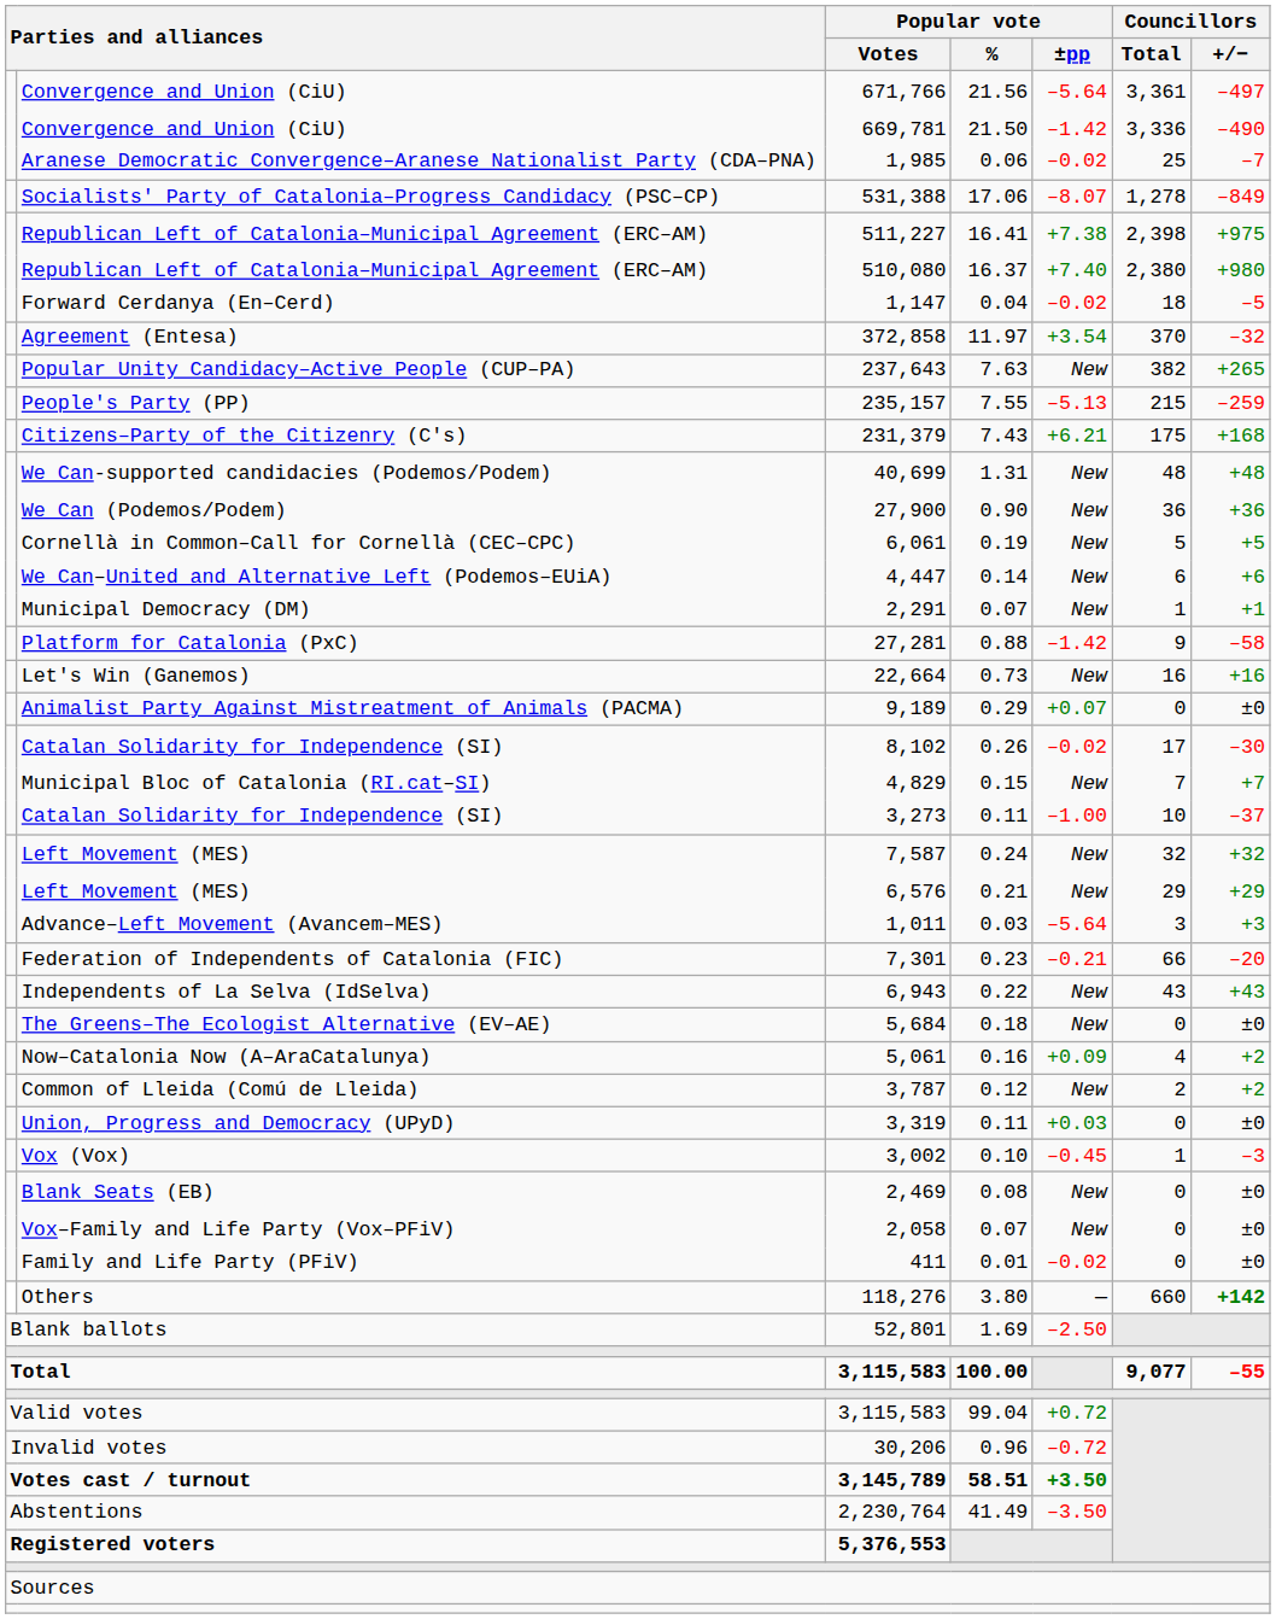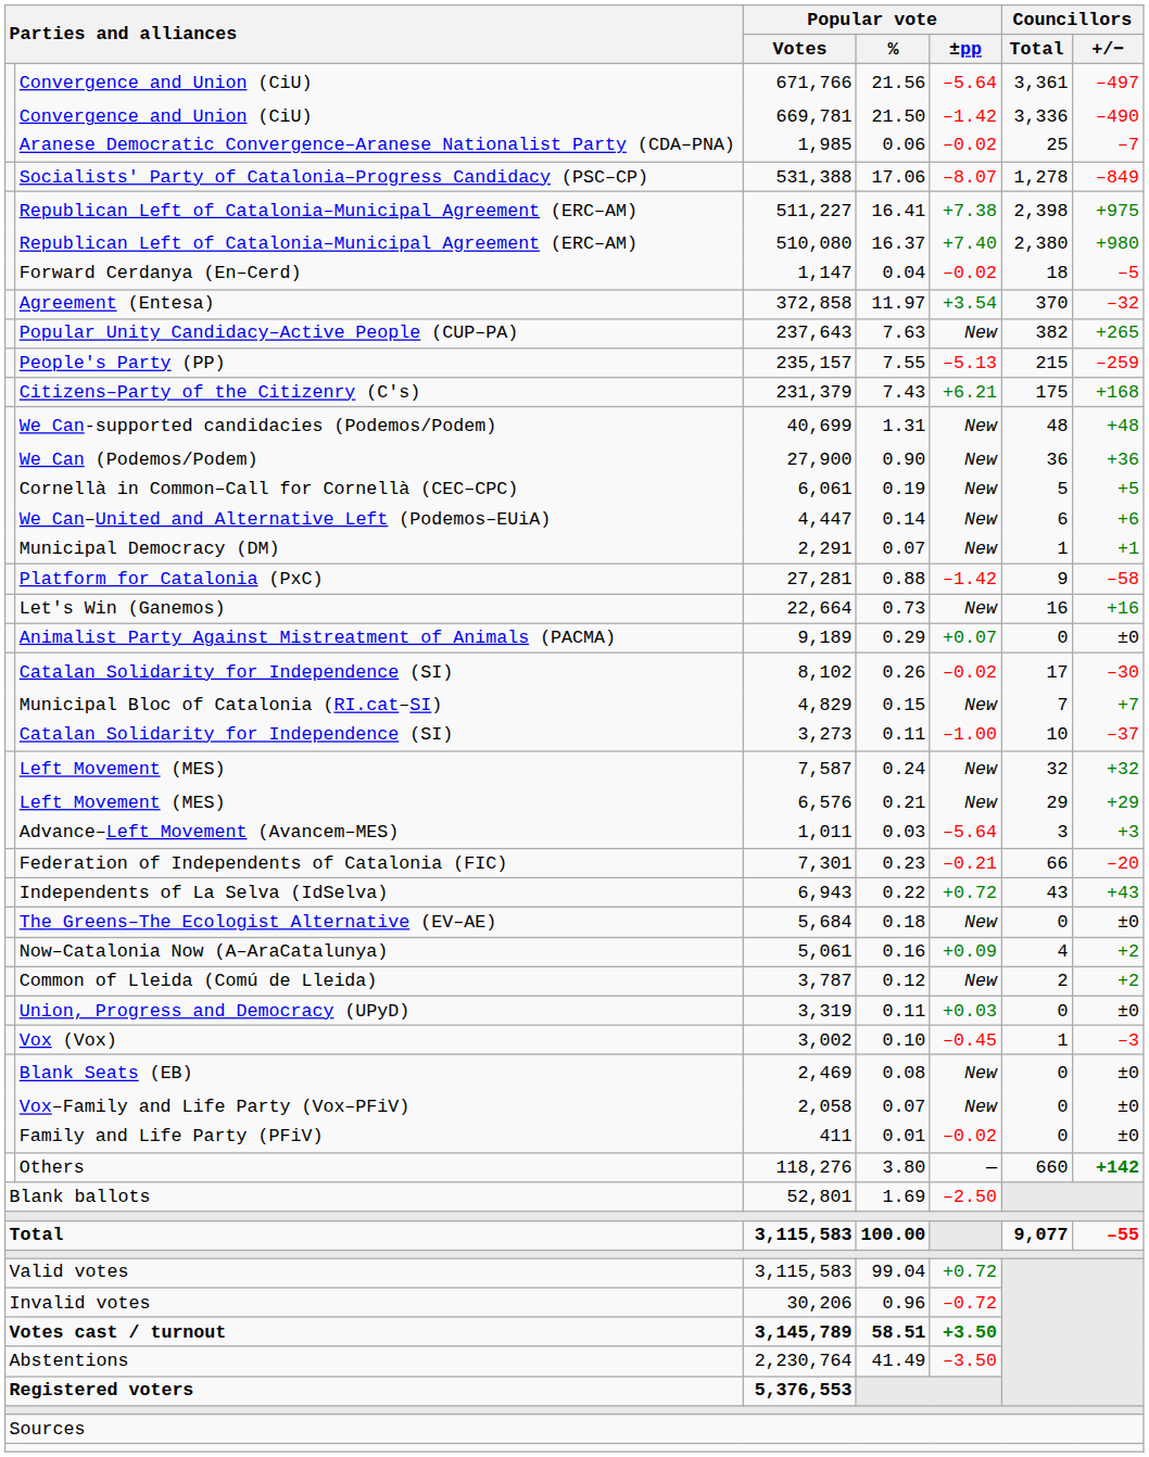 <table class="wikitable" style="text-align:right;">
 <tr>
 <th style="text-align:left;" rowspan="2" colspan="2" width="525">Parties and alliances</th>
 <th colspan="3">Popular vote</th>
 <th colspan="2">Councillors</th>
 </tr>
 <tr>
 <th width="75">Votes</th>
 <th width="45">%</th>
 <th width="45">±<a href='#'>pp</a></th>
 <th width="45">Total</th>
 <th width="45">+/−</th>
 </tr>
 <tr style="line-height:22px;">
 <td width="1" rowspan="3"></td>
 <td align="left"><a href='#'>Convergence and Union</a> (CiU)</td>
 <td>671,766</td>
 <td>21.56</td>
 <td style="color:red;">–5.64</td>
 <td>3,361</td>
 <td style="color:red;">–497</td>
 </tr>
 <tr style="border-bottom-style:hidden; border-top-style:hidden; line-height:16px;">
 <td align="left"><span><a href='#'>Convergence and Union</a> (CiU)</span></td>
 <td>669,781</td>
 <td>21.50</td>
 <td style="color:red;">–1.42</td>
 <td>3,336</td>
 <td style="color:red;">–490</td>
 </tr>
 <tr style="line-height:16px;">
 <td align="left"><span><a href='#'>Aranese Democratic Convergence–Aranese Nationalist Party</a> (CDA–PNA)</span></td>
 <td>1,985</td>
 <td>0.06</td>
 <td style="color:red;">–0.02</td>
 <td>25</td>
 <td style="color:red;">–7</td>
 </tr>
 <tr>
 <td style="color:inherit;background:"></td>
 <td align="left"><a href='#'>Socialists' Party of Catalonia–Progress Candidacy</a> (PSC–CP)</td>
 <td>531,388</td>
 <td>17.06</td>
 <td style="color:red;">–8.07</td>
 <td>1,278</td>
 <td style="color:red;">–849</td>
 </tr>
 <tr style="line-height:22px;">
 <td rowspan="3" style="color:inherit;background:"></td>
 <td align="left"><a href='#'>Republican Left of Catalonia–Municipal Agreement</a> (ERC–AM)</td>
 <td>511,227</td>
 <td>16.41</td>
 <td style="color:green;">+7.38</td>
 <td>2,398</td>
 <td style="color:green;">+975</td>
 </tr>
 <tr style="border-bottom-style:hidden; border-top-style:hidden; line-height:16px;">
 <td align="left"><span><a href='#'>Republican Left of Catalonia–Municipal Agreement</a> (ERC–AM)</span></td>
 <td>510,080</td>
 <td>16.37</td>
 <td style="color:green;">+7.40</td>
 <td>2,380</td>
 <td style="color:green;">+980</td>
 </tr>
 <tr style="line-height:16px;">
 <td align="left"><span>Forward Cerdanya (En–Cerd)</span></td>
 <td>1,147</td>
 <td>0.04</td>
 <td style="color:red;">–0.02</td>
 <td>18</td>
 <td style="color:red;">–5</td>
 </tr>
 <tr>
 <td style="color:inherit;background:"></td>
 <td align="left"><a href='#'>Agreement</a> (Entesa)</td>
 <td>372,858</td>
 <td>11.97</td>
 <td style="color:green;">+3.54</td>
 <td>370</td>
 <td style="color:red;">–32</td>
 </tr>
 <tr>
 <td style="color:inherit;background:"></td>
 <td align="left"><a href='#'>Popular Unity Candidacy–Active People</a> (CUP–PA)</td>
 <td>237,643</td>
 <td>7.63</td>
 <td><em>New</em></td>
 <td>382</td>
 <td style="color:green;">+265</td>
 </tr>
 <tr>
 <td style="color:inherit;background:"></td>
 <td align="left"><a href='#'>People's Party</a> (PP)</td>
 <td>235,157</td>
 <td>7.55</td>
 <td style="color:red;">–5.13</td>
 <td>215</td>
 <td style="color:red;">–259</td>
 </tr>
 <tr>
 <td style="color:inherit;background:"></td>
 <td align="left"><a href='#'>Citizens–Party of the Citizenry</a> (C's)</td>
 <td>231,379</td>
 <td>7.43</td>
 <td style="color:green;">+6.21</td>
 <td>175</td>
 <td style="color:green;">+168</td>
 </tr>
 <tr style="line-height:22px;">
 <td rowspan="5" style="color:inherit;background:"></td>
 <td align="left"><a href='#'>We Can</a>-supported candidacies (Podemos/Podem)</td>
 <td>40,699</td>
 <td>1.31</td>
 <td><em>New</em></td>
 <td>48</td>
 <td style="color:green;">+48</td>
 </tr>
 <tr style="border-bottom-style:hidden; border-top-style:hidden; line-height:16px;">
 <td align="left"><span><a href='#'>We Can</a> (Podemos/Podem)</span></td>
 <td>27,900</td>
 <td>0.90</td>
 <td><em>New</em></td>
 <td>36</td>
 <td style="color:green;">+36</td>
 </tr>
 <tr style="border-bottom-style:hidden; line-height:16px;">
 <td align="left"><span>Cornellà in Common–Call for Cornellà (CEC–CPC)</span></td>
 <td>6,061</td>
 <td>0.19</td>
 <td><em>New</em></td>
 <td>5</td>
 <td style="color:green;">+5</td>
 </tr>
 <tr style="border-bottom-style:hidden; line-height:16px;">
 <td align="left"><span><a href='#'>We Can</a>–<a href='#'>United and Alternative Left</a> (Podemos–EUiA)</span></td>
 <td>4,447</td>
 <td>0.14</td>
 <td><em>New</em></td>
 <td>6</td>
 <td style="color:green;">+6</td>
 </tr>
 <tr style="line-height:16px;">
 <td align="left"><span>Municipal Democracy (DM)</span></td>
 <td>2,291</td>
 <td>0.07</td>
 <td><em>New</em></td>
 <td>1</td>
 <td style="color:green;">+1</td>
 </tr>
 <tr>
 <td style="color:inherit;background:"></td>
 <td align="left"><a href='#'>Platform for Catalonia</a> (PxC)</td>
 <td>27,281</td>
 <td>0.88</td>
 <td style="color:red;">–1.42</td>
 <td>9</td>
 <td style="color:red;">–58</td>
 </tr>
 <tr>
 <td style="color:inherit;background:"></td>
 <td align="left">Let's Win (Ganemos)</td>
 <td>22,664</td>
 <td>0.73</td>
 <td><em>New</em></td>
 <td>16</td>
 <td style="color:green;">+16</td>
 </tr>
 <tr>
 <td style="color:inherit;background:"></td>
 <td align="left"><a href='#'>Animalist Party Against Mistreatment of Animals</a> (PACMA)</td>
 <td>9,189</td>
 <td>0.29</td>
 <td style="color:green;">+0.07</td>
 <td>0</td>
 <td>±0</td>
 </tr>
 <tr style="line-height:22px;">
 <td rowspan="3" style="color:inherit;background:"></td>
 <td align="left"><a href='#'>Catalan Solidarity for Independence</a> (SI)</td>
 <td>8,102</td>
 <td>0.26</td>
 <td style="color:red;">–0.02</td>
 <td>17</td>
 <td style="color:red;">–30</td>
 </tr>
 <tr style="border-bottom-style:hidden; border-top-style:hidden; line-height:16px;">
 <td align="left"><span>Municipal Bloc of Catalonia (<a href='#'>RI.cat</a>–<a href='#'>SI</a>)</span></td>
 <td>4,829</td>
 <td>0.15</td>
 <td><em>New</em></td>
 <td>7</td>
 <td style="color:green;">+7</td>
 </tr>
 <tr style="line-height:16px;">
 <td align="left"><span><a href='#'>Catalan Solidarity for Independence</a> (SI)</span></td>
 <td>3,273</td>
 <td>0.11</td>
 <td style="color:red;">–1.00</td>
 <td>10</td>
 <td style="color:red;">–37</td>
 </tr>
 <tr style="line-height:22px;">
 <td rowspan="3" style="color:inherit;background:"></td>
 <td align="left"><a href='#'>Left Movement</a> (MES)</td>
 <td>7,587</td>
 <td>0.24</td>
 <td><em>New</em></td>
 <td>32</td>
 <td style="color:green;">+32</td>
 </tr>
 <tr style="border-bottom-style:hidden; border-top-style:hidden; line-height:16px;">
 <td align="left"><span><a href='#'>Left Movement</a> (MES)</span></td>
 <td>6,576</td>
 <td>0.21</td>
 <td><em>New</em></td>
 <td>29</td>
 <td style="color:green;">+29</td>
 </tr>
 <tr style="line-height:16px;">
 <td align="left"><span>Advance–<a href='#'>Left Movement</a> (Avancem–MES)</span></td>
 <td>1,011</td>
 <td>0.03</td>
 <td style="color:red;">–5.64</td>
 <td>3</td>
 <td style="color:green;">+3</td>
 </tr>
 <tr>
 <td style="color:inherit;background:"></td>
 <td align="left">Federation of Independents of Catalonia (FIC)</td>
 <td>7,301</td>
 <td>0.23</td>
 <td style="color:red;">–0.21</td>
 <td>66</td>
 <td style="color:red;">–20</td>
 </tr>
 <tr>
 <td style="color:inherit;background:"></td>
 <td align="left">Independents of La Selva (IdSelva)</td>
 <td>6,943</td>
 <td>0.22</td>
-<td><em>New</em></td>
+<td style="color:green;">+0.72</td>
 <td>43</td>
 <td style="color:green;">+43</td>
 </tr>
 <tr>
 <td style="color:inherit;background:"></td>
 <td align="left"><a href='#'>The Greens–The Ecologist Alternative</a> (EV–AE)</td>
 <td>5,684</td>
 <td>0.18</td>
 <td><em>New</em></td>
 <td>0</td>
 <td>±0</td>
 </tr>
 <tr>
 <td style="color:inherit;background:"></td>
 <td align="left">Now–Catalonia Now (A–AraCatalunya)</td>
 <td>5,061</td>
 <td>0.16</td>
 <td style="color:green;">+0.09</td>
 <td>4</td>
 <td style="color:green;">+2</td>
 </tr>
 <tr>
 <td style="color:inherit;background:"></td>
 <td align="left">Common of Lleida (Comú de Lleida)</td>
 <td>3,787</td>
 <td>0.12</td>
 <td><em>New</em></td>
 <td>2</td>
 <td style="color:green;">+2</td>
 </tr>
 <tr>
 <td style="color:inherit;background:"></td>
 <td align="left"><a href='#'>Union, Progress and Democracy</a> (UPyD)</td>
 <td>3,319</td>
 <td>0.11</td>
 <td style="color:green;">+0.03</td>
 <td>0</td>
 <td>±0</td>
 </tr>
 <tr>
 <td style="color:inherit;background:"></td>
 <td align="left"><a href='#'>Vox</a> (Vox)</td>
 <td>3,002</td>
 <td>0.10</td>
 <td style="color:red;">–0.45</td>
 <td>1</td>
 <td style="color:red;">–3</td>
 </tr>
 <tr style="line-height:22px;">
 <td rowspan="3" style="color:inherit;background:"></td>
 <td align="left"><a href='#'>Blank Seats</a> (EB)</td>
 <td>2,469</td>
 <td>0.08</td>
 <td><em>New</em></td>
 <td>0</td>
 <td>±0</td>
 </tr>
 <tr style="border-bottom-style:hidden; border-top-style:hidden; line-height:16px;">
 <td align="left"><span><a href='#'>Vox</a>–Family and Life Party (Vox–PFiV)</span></td>
 <td>2,058</td>
 <td>0.07</td>
 <td><em>New</em></td>
 <td>0</td>
 <td>±0</td>
 </tr>
 <tr style="line-height:16px;">
 <td align="left"><span>Family and Life Party (PFiV)</span></td>
 <td>411</td>
 <td>0.01</td>
 <td style="color:red;">–0.02</td>
 <td>0</td>
 <td>±0</td>
 </tr>
 <tr>
 <td bgcolor="white"></td>
 <td align="left">Others</td>
 <td>118,276</td>
 <td>3.80</td>
 <td>—</td>
 <td>660</td>
 <td style="color:green;"><strong>+142</strong></td>
 </tr>
 <tr>
 <td align="left" colspan="2">Blank ballots</td>
 <td>52,801</td>
 <td>1.69</td>
 <td style="color:red;">–2.50</td>
 <td style="color:inherit;background:#E9E9E9" colspan="2"></td>
 </tr>
 <tr>
 <td colspan="7" style="color:inherit;background:#E9E9E9"></td>
 </tr>
 <tr style="font-weight:bold;">
 <td align="left" colspan="2">Total</td>
 <td>3,115,583</td>
 <td>100.00</td>
 <td bgcolor="#E9E9E9"></td>
 <td>9,077</td>
 <td style="color:red;">–55</td>
 </tr>
 <tr>
 <td colspan="7" style="color:inherit;background:#E9E9E9"></td>
 </tr>
 <tr>
 <td align="left" colspan="2">Valid votes</td>
 <td>3,115,583</td>
 <td>99.04</td>
 <td style="color:green;">+0.72</td>
 <td bgcolor="#E9E9E9" colspan="2" rowspan="5"></td>
 </tr>
 <tr>
 <td align="left" colspan="2">Invalid votes</td>
 <td>30,206</td>
 <td>0.96</td>
 <td style="color:red;">–0.72</td>
 </tr>
 <tr style="font-weight:bold;">
 <td align="left" colspan="2">Votes cast / turnout</td>
 <td>3,145,789</td>
 <td>58.51</td>
 <td style="color:green;">+3.50</td>
 </tr>
 <tr>
 <td align="left" colspan="2">Abstentions</td>
 <td>2,230,764</td>
 <td>41.49</td>
 <td style="color:red;">–3.50</td>
 </tr>
 <tr style="font-weight:bold;">
 <td align="left" colspan="2">Registered voters</td>
 <td>5,376,553</td>
 <td bgcolor="#E9E9E9" colspan="2"></td>
 </tr>
 <tr>
 <td colspan="7" style="color:inherit;background:#E9E9E9"></td>
 </tr>
 <tr>
 <td align="left" colspan="7">Sources</td>
 </tr>
 <tr>
 <td colspan="7" style="text-align:left; max-width:790px;"></td>
 </tr>
 </table>
